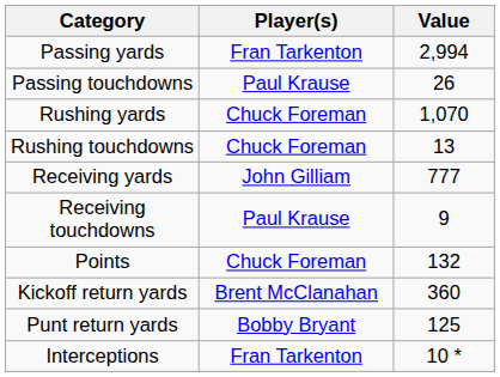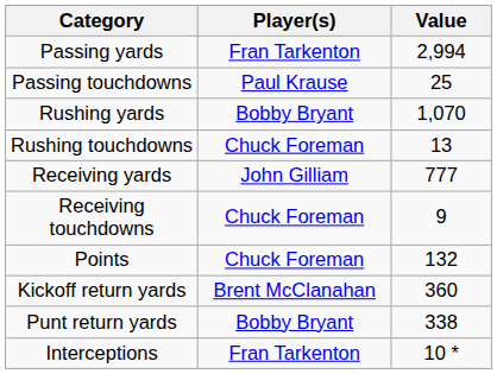 <table class="wikitable" style="text-align:center">
 <tr>
 <th width=150px>Category</th>
 <th width=150px>Player(s)</th>
 <th width=75px>Value</th>
 </tr>
 <tr>
 <td>Passing yards</td>
 <td><a href='#'>Fran Tarkenton</a></td>
 <td>2,994</td>
 </tr>
 <tr>
 <td>Passing touchdowns</td>
 <td><a href='#'>Paul Krause</a></td>
-<td>26</td>
+<td>25</td>
 </tr>
 <tr>
 <td>Rushing yards</td>
-<td><a href='#'>Chuck Foreman</a></td>
+<td><a href='#'>Bobby Bryant</a></td>
 <td>1,070</td>
 </tr>
 <tr>
 <td>Rushing touchdowns</td>
 <td><a href='#'>Chuck Foreman</a></td>
 <td>13</td>
 </tr>
 <tr>
 <td>Receiving yards</td>
 <td><a href='#'>John Gilliam</a></td>
 <td>777</td>
 </tr>
 <tr>
 <td>Receiving touchdowns</td>
-<td><a href='#'>Paul Krause</a></td>
+<td><a href='#'>Chuck Foreman</a></td>
 <td>9</td>
 </tr>
 <tr>
 <td>Points</td>
 <td><a href='#'>Chuck Foreman</a></td>
 <td>132</td>
 </tr>
 <tr>
 <td>Kickoff return yards</td>
 <td><a href='#'>Brent McClanahan</a></td>
 <td>360</td>
 </tr>
 <tr>
 <td>Punt return yards</td>
 <td><a href='#'>Bobby Bryant</a></td>
-<td>125</td>
+<td>338</td>
 </tr>
 <tr>
 <td>Interceptions</td>
 <td><a href='#'>Fran Tarkenton</a></td>
 <td>10 *</td>
 </tr>
 </table>
